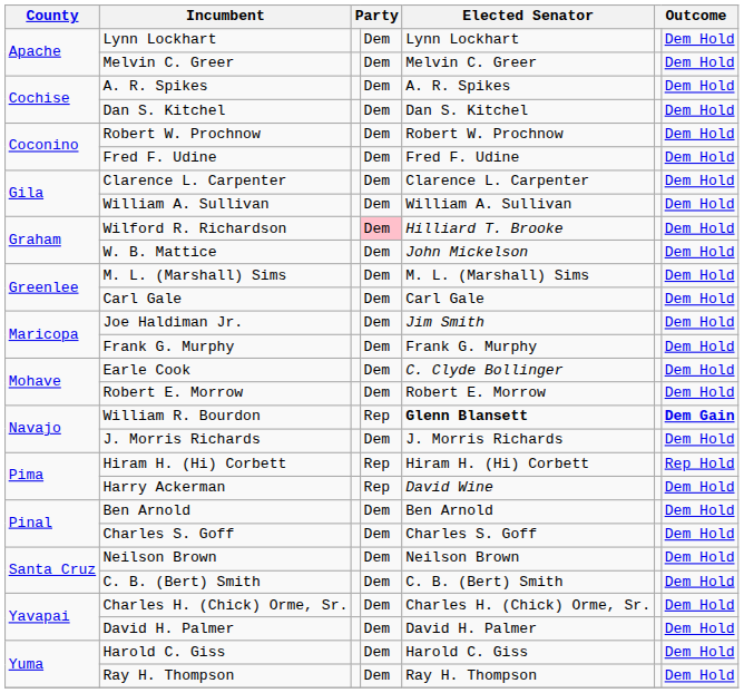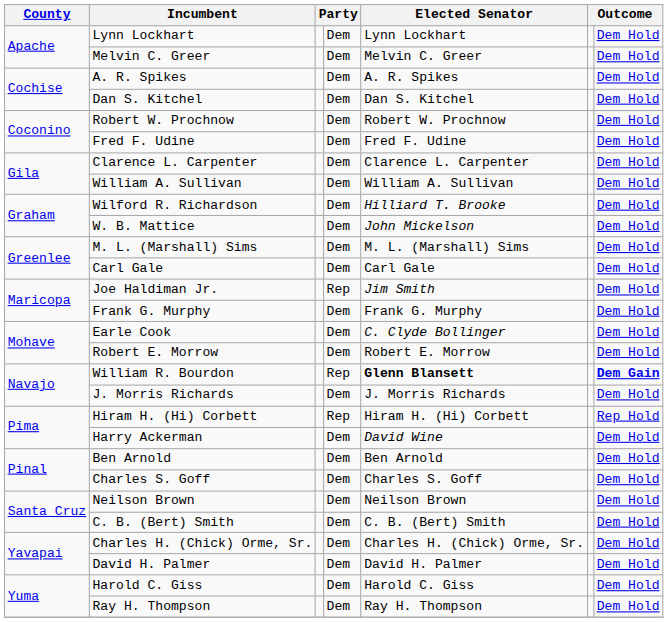 <table class="sortable wikitable" style="font-size:95%;line-height:14px;">
 <tr>
 <th><a href='#'>County</a></th>
 <th>Incumbent</th>
 <th colspan="2">Party</th>
 <th>Elected Senator</th>
 <th colspan="2">Outcome</th>
 </tr>
 <tr>
 <td rowspan="2"><a href='#'>Apache</a></td>
 <td>Lynn Lockhart</td>
 <td style="background:"></td>
 <td>Dem</td>
 <td>Lynn Lockhart</td>
 <td style="background:"></td>
 <td><a href='#'>Dem Hold</a></td>
 </tr>
 <tr>
 <td>Melvin C. Greer</td>
 <td style="background:"></td>
 <td>Dem</td>
 <td>Melvin C. Greer</td>
 <td style="background:"></td>
 <td><a href='#'>Dem Hold</a></td>
 </tr>
 <tr>
 <td rowspan="2"><a href='#'>Cochise</a></td>
 <td>A. R. Spikes</td>
 <td style="background:"></td>
 <td>Dem</td>
 <td>A. R. Spikes</td>
 <td style="background:"></td>
 <td><a href='#'>Dem Hold</a></td>
 </tr>
 <tr>
 <td>Dan S. Kitchel</td>
 <td style="background:"></td>
 <td>Dem</td>
 <td>Dan S. Kitchel</td>
 <td style="background:"></td>
 <td><a href='#'>Dem Hold</a></td>
 </tr>
 <tr>
 <td rowspan="2"><a href='#'>Coconino</a></td>
 <td>Robert W. Prochnow</td>
 <td style="background:"></td>
 <td>Dem</td>
 <td>Robert W. Prochnow</td>
 <td style="background:"></td>
 <td><a href='#'>Dem Hold</a></td>
 </tr>
 <tr>
 <td>Fred F. Udine</td>
 <td style="background:"></td>
 <td>Dem</td>
 <td>Fred F. Udine</td>
 <td style="background:"></td>
 <td><a href='#'>Dem Hold</a></td>
 </tr>
 <tr>
 <td rowspan="2"><a href='#'>Gila</a></td>
 <td>Clarence L. Carpenter</td>
 <td style="background:"></td>
 <td>Dem</td>
 <td>Clarence L. Carpenter</td>
 <td style="background:"></td>
 <td><a href='#'>Dem Hold</a></td>
 </tr>
 <tr>
 <td>William A. Sullivan</td>
 <td style="background:"></td>
 <td>Dem</td>
 <td>William A. Sullivan</td>
 <td style="background:"></td>
 <td><a href='#'>Dem Hold</a></td>
 </tr>
 <tr>
 <td rowspan="2"><a href='#'>Graham</a></td>
 <td>Wilford R. Richardson</td>
 <td style="background:"></td>
-<td style="background: pink;">Dem</td>
+<td>Dem</td>
 <td><em>Hilliard T. Brooke</em></td>
 <td style="background:"></td>
 <td><a href='#'>Dem Hold</a></td>
 </tr>
 <tr>
 <td>W. B. Mattice</td>
 <td style="background:"></td>
 <td>Dem</td>
 <td><em>John Mickelson</em></td>
 <td style="background:"></td>
 <td><a href='#'>Dem Hold</a></td>
 </tr>
 <tr>
 <td rowspan="2"><a href='#'>Greenlee</a></td>
 <td>M. L. (Marshall) Sims</td>
 <td style="background:"></td>
 <td>Dem</td>
 <td>M. L. (Marshall) Sims</td>
 <td style="background:"></td>
 <td><a href='#'>Dem Hold</a></td>
 </tr>
 <tr>
 <td>Carl Gale</td>
 <td style="background:"></td>
 <td>Dem</td>
 <td>Carl Gale</td>
 <td style="background:"></td>
 <td><a href='#'>Dem Hold</a></td>
 </tr>
 <tr>
 <td rowspan="2"><a href='#'>Maricopa</a></td>
 <td>Joe Haldiman Jr.</td>
 <td style="background:"></td>
-<td>Dem</td>
+<td>Rep</td>
 <td><em>Jim Smith</em></td>
 <td style="background:"></td>
 <td><a href='#'>Dem Hold</a></td>
 </tr>
 <tr>
 <td>Frank G. Murphy</td>
 <td style="background:"></td>
 <td>Dem</td>
 <td>Frank G. Murphy</td>
 <td style="background:"></td>
 <td><a href='#'>Dem Hold</a></td>
 </tr>
 <tr>
 <td rowspan="2"><a href='#'>Mohave</a></td>
 <td>Earle Cook</td>
 <td style="background:"></td>
 <td>Dem</td>
 <td><em>C. Clyde Bollinger</em></td>
 <td style="background:"></td>
 <td><a href='#'>Dem Hold</a></td>
 </tr>
 <tr>
 <td>Robert E. Morrow</td>
 <td style="background:"></td>
 <td>Dem</td>
 <td>Robert E. Morrow</td>
 <td style="background:"></td>
 <td><a href='#'>Dem Hold</a></td>
 </tr>
 <tr>
 <td rowspan="2"><a href='#'>Navajo</a></td>
 <td>William R. Bourdon</td>
 <td style="background:"></td>
 <td>Rep</td>
 <td><strong>Glenn Blansett</strong></td>
 <td style="background:"></td>
 <td><strong><a href='#'>Dem Gain</a></strong></td>
 </tr>
 <tr>
 <td>J. Morris Richards</td>
 <td style="background:"></td>
 <td>Dem</td>
 <td>J. Morris Richards</td>
 <td style="background:"></td>
 <td><a href='#'>Dem Hold</a></td>
 </tr>
 <tr>
 <td rowspan="2"><a href='#'>Pima</a></td>
 <td>Hiram H. (Hi) Corbett</td>
 <td style="background:"></td>
 <td>Rep</td>
 <td>Hiram H. (Hi) Corbett</td>
 <td style="background:"></td>
 <td><a href='#'>Rep Hold</a></td>
 </tr>
 <tr>
 <td>Harry Ackerman</td>
 <td style="background:"></td>
-<td>Rep</td>
+<td>Dem</td>
 <td><em>David Wine</em></td>
 <td style="background:"></td>
 <td><a href='#'>Dem Hold</a></td>
 </tr>
 <tr>
 <td rowspan="2"><a href='#'>Pinal</a></td>
 <td>Ben Arnold</td>
 <td style="background:"></td>
 <td>Dem</td>
 <td>Ben Arnold</td>
 <td style="background:"></td>
 <td><a href='#'>Dem Hold</a></td>
 </tr>
 <tr>
 <td>Charles S. Goff</td>
 <td style="background:"></td>
 <td>Dem</td>
 <td>Charles S. Goff</td>
 <td style="background:"></td>
 <td><a href='#'>Dem Hold</a></td>
 </tr>
 <tr>
 <td rowspan="2"><a href='#'>Santa Cruz</a></td>
 <td>Neilson Brown</td>
 <td style="background:"></td>
 <td>Dem</td>
 <td>Neilson Brown</td>
 <td style="background:"></td>
 <td><a href='#'>Dem Hold</a></td>
 </tr>
 <tr>
 <td>C. B. (Bert) Smith</td>
 <td style="background:"></td>
 <td>Dem</td>
 <td>C. B. (Bert) Smith</td>
 <td style="background:"></td>
 <td><a href='#'>Dem Hold</a></td>
 </tr>
 <tr>
 <td rowspan="2"><a href='#'>Yavapai</a></td>
 <td>Charles H. (Chick) Orme, Sr.</td>
 <td style="background:"></td>
 <td>Dem</td>
 <td>Charles H. (Chick) Orme, Sr.</td>
 <td style="background:"></td>
 <td><a href='#'>Dem Hold</a></td>
 </tr>
 <tr>
 <td>David H. Palmer</td>
 <td style="background:"></td>
 <td>Dem</td>
 <td>David H. Palmer</td>
 <td style="background:"></td>
 <td><a href='#'>Dem Hold</a></td>
 </tr>
 <tr>
 <td rowspan="2"><a href='#'>Yuma</a></td>
 <td>Harold C. Giss</td>
 <td style="background:"></td>
 <td>Dem</td>
 <td>Harold C. Giss</td>
 <td style="background:"></td>
 <td><a href='#'>Dem Hold</a></td>
 </tr>
 <tr>
 <td>Ray H. Thompson</td>
 <td style="background:"></td>
 <td>Dem</td>
 <td>Ray H. Thompson</td>
 <td style="background:"></td>
 <td><a href='#'>Dem Hold</a></td>
 </tr>
 <tr>
 </tr>
 </table>
